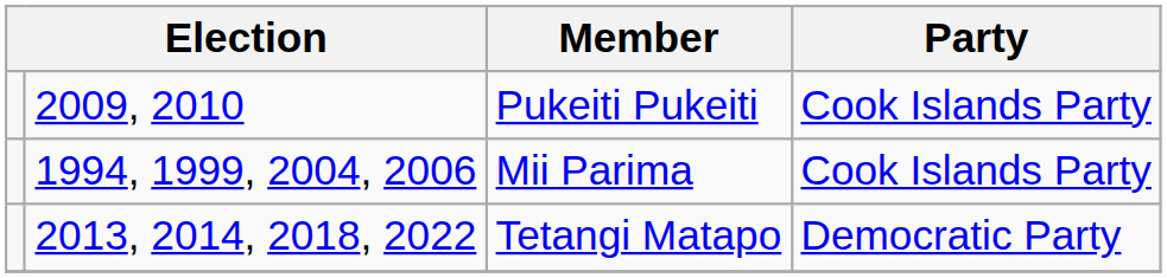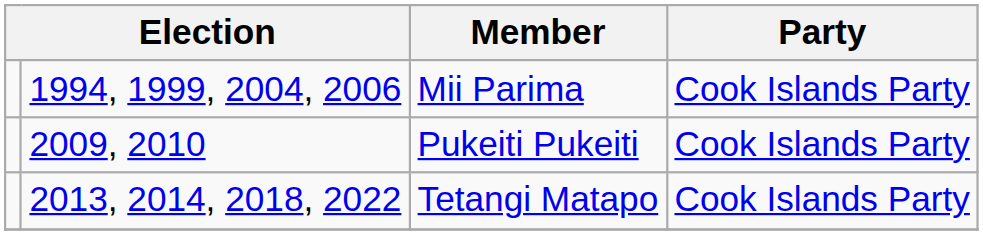 <table class="wikitable">
 <tr>
 <th colspan="2">Election</th>
 <th>Member</th>
 <th>Party</th>
+</tr>
+<tr>
+<td style="background-color: "></td>
+<td><a href='#'>1994</a>, <a href='#'>1999</a>, <a href='#'>2004</a>, <a href='#'>2006</a></td>
+<td><a href='#'>Mii Parima</a></td>
+<td><a href='#'>Cook Islands Party</a></td>
 </tr>
 <tr>
 <td style="background-color: "></td>
 <td><a href='#'>2009</a>, <a href='#'>2010</a></td>
 <td><a href='#'>Pukeiti Pukeiti</a></td>
 <td><a href='#'>Cook Islands Party</a></td>
 </tr>
 <tr>
 <td style="background-color: "></td>
-<td><a href='#'>1994</a>, <a href='#'>1999</a>, <a href='#'>2004</a>, <a href='#'>2006</a></td>
-<td><a href='#'>Mii Parima</a></td>
-<td><a href='#'>Cook Islands Party</a></td>
-</tr>
-<tr>
-<td style="background-color: "></td>
 <td><a href='#'>2013</a>, <a href='#'>2014</a>, <a href='#'>2018</a>, <a href='#'>2022</a></td>
 <td><a href='#'>Tetangi Matapo</a></td>
-<td><a href='#'>Democratic Party</a></td>
+<td><a href='#'>Cook Islands Party</a></td>
 </tr>
 <tr>
 </tr>
 </table>
